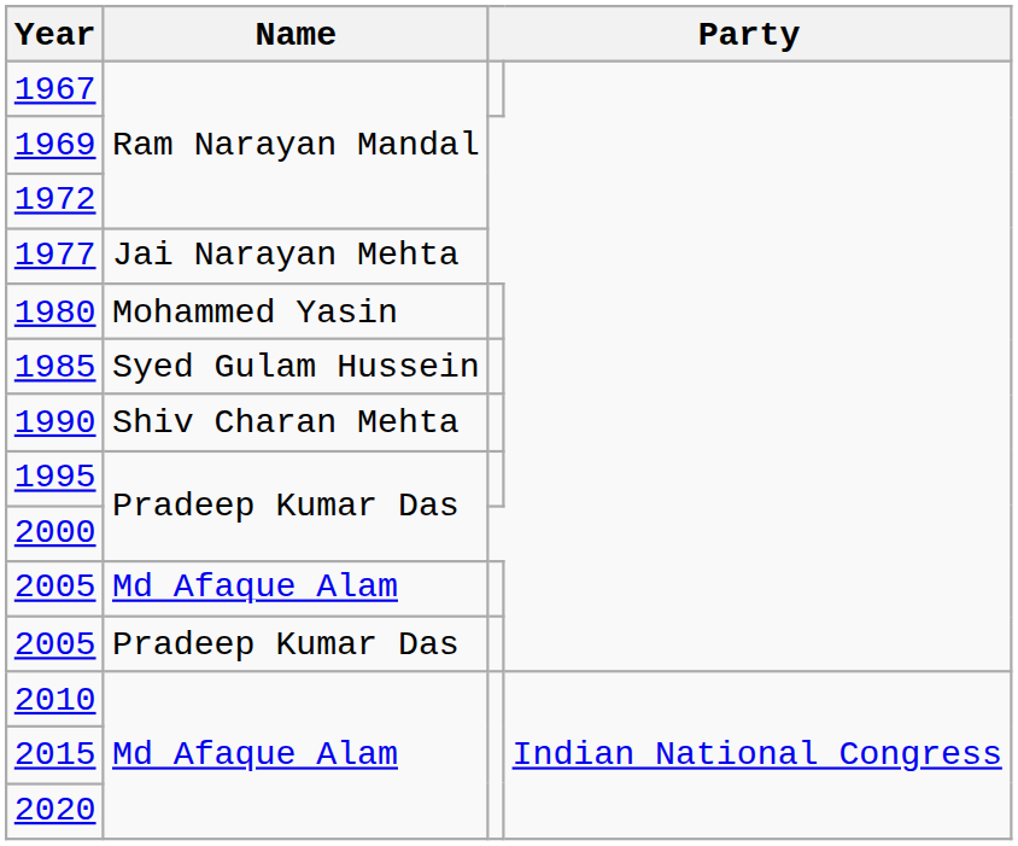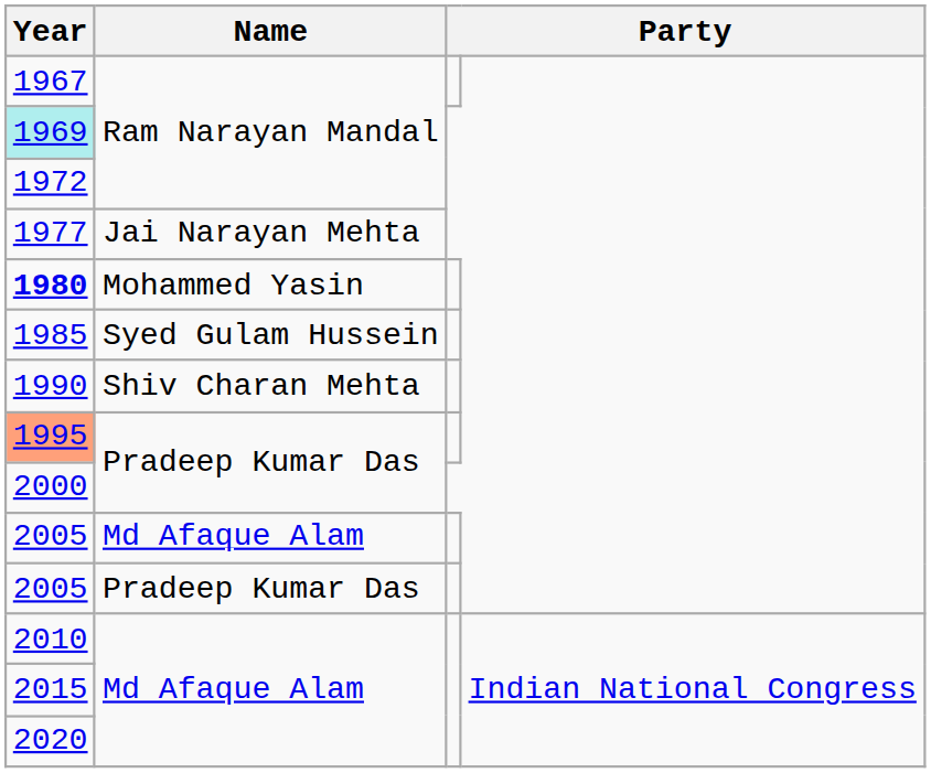 <table class="wikitable sortable">
 <tr>
 <th>Year</th>
 <th>Name</th>
 <th colspan="2">Party</th>
 </tr>
 <tr>
 <td><a href='#'>1967</a></td>
 <td rowspan="3">Ram Narayan Mandal</td>
 <td></td>
 </tr>
 <tr>
-<td><a href='#'>1969</a></td>
+<td style="background: paleturquoise;"><a href='#'>1969</a></td>
 </tr>
 <tr>
 <td><a href='#'>1972</a></td>
 </tr>
 <tr>
 <td><a href='#'>1977</a></td>
 <td>Jai Narayan Mehta</td>
 </tr>
 <tr>
-<td><a href='#'>1980</a></td>
+<td><strong><a href='#'>1980</a></strong></td>
 <td>Mohammed Yasin</td>
 <td></td>
 </tr>
 <tr>
 <td><a href='#'>1985</a></td>
 <td>Syed Gulam Hussein</td>
 <td></td>
 </tr>
 <tr>
 <td><a href='#'>1990</a></td>
 <td>Shiv Charan Mehta</td>
 <td></td>
 </tr>
 <tr>
-<td><a href='#'>1995</a></td>
+<td style="background: lightsalmon;"><a href='#'>1995</a></td>
 <td rowspan="2">Pradeep Kumar Das</td>
 <td></td>
 </tr>
 <tr>
 <td><a href='#'>2000</a></td>
 </tr>
 <tr>
 <td><a href='#'>2005</a></td>
 <td><a href='#'>Md Afaque Alam</a></td>
 <td></td>
 </tr>
 <tr>
 <td><a href='#'>2005</a></td>
 <td>Pradeep Kumar Das</td>
 <td></td>
 </tr>
 <tr>
 <td><a href='#'>2010</a></td>
 <td rowspan="3"><a href='#'>Md Afaque Alam</a></td>
 <td rowspan="3" style="background-color: "></td>
 <td rowspan="3"><a href='#'>Indian National Congress</a></td>
 </tr>
 <tr>
 <td><a href='#'>2015</a></td>
 </tr>
 <tr>
 <td><a href='#'>2020</a></td>
 </tr>
 </table>
